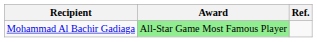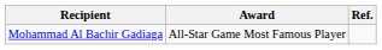 <table class="wikitable">
 <tr>
 <th>Recipient</th>
 <th>Award</th>
 <th>Ref.</th>
 </tr>
 <tr>
 <td><a href='#'>Mohammad Al Bachir Gadiaga</a></td>
-<td style="background: lightgreen;">All-Star Game Most Famous Player</td>
+<td>All-Star Game Most Famous Player</td>
 <td></td>
 </tr>
 </table>
